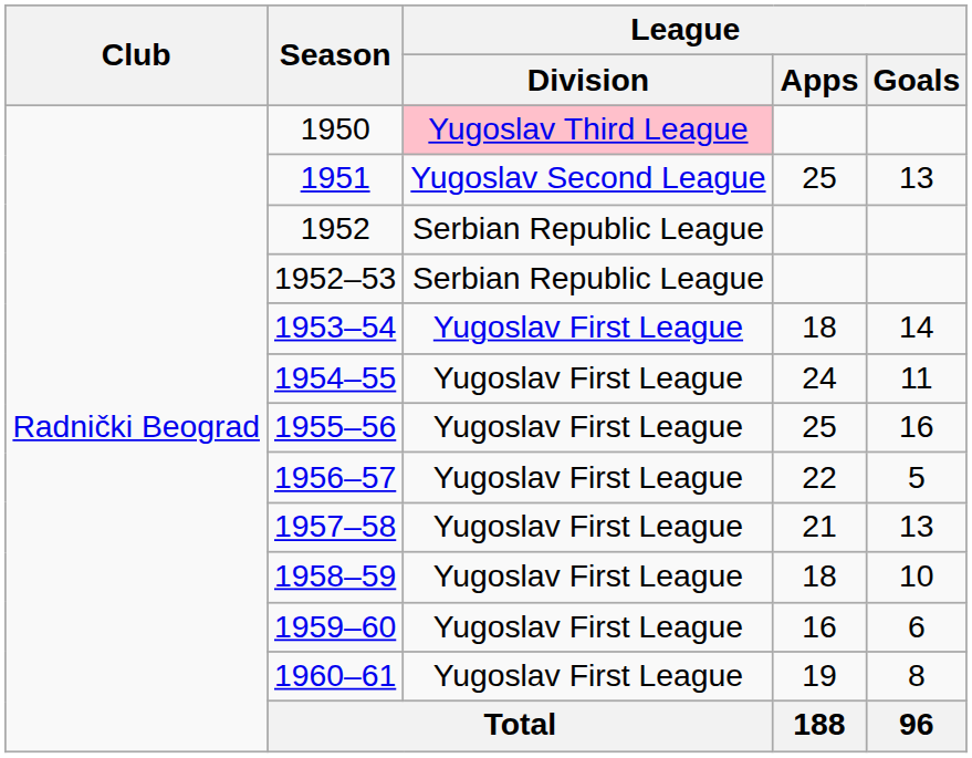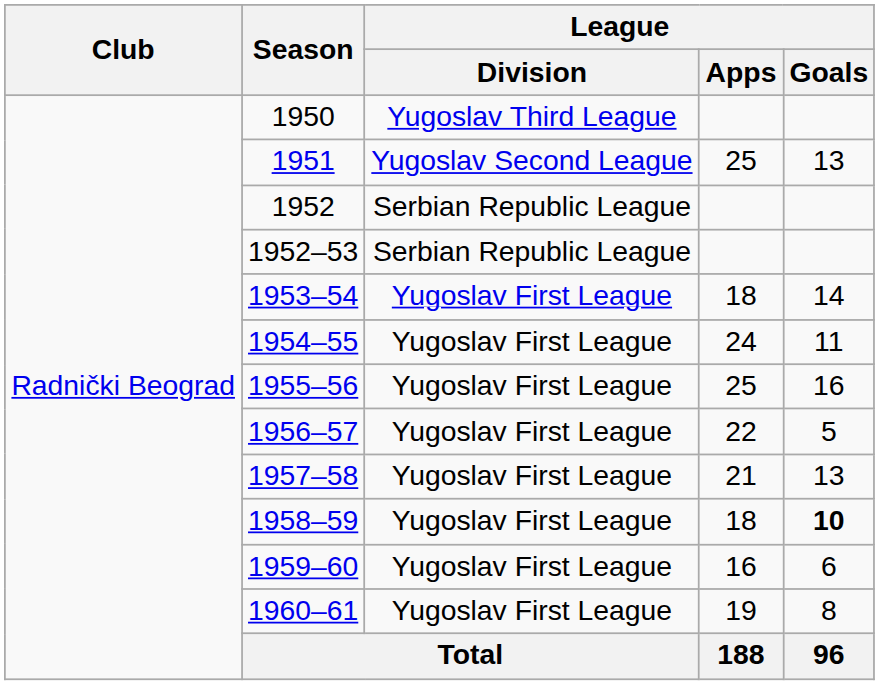 <table class="wikitable" style="text-align:center">
 <tr>
 <th rowspan="2">Club</th>
 <th rowspan="2">Season</th>
 <th colspan="3">League</th>
 </tr>
 <tr>
 <th>Division</th>
 <th>Apps</th>
 <th>Goals</th>
 </tr>
 <tr>
 <td rowspan="13"><a href='#'>Radnički Beograd</a></td>
 <td>1950</td>
-<td style="background: pink;"><a href='#'>Yugoslav Third League</a></td>
+<td><a href='#'>Yugoslav Third League</a></td>
 <td></td>
 <td></td>
 </tr>
 <tr>
 <td><a href='#'>1951</a></td>
 <td><a href='#'>Yugoslav Second League</a></td>
 <td>25</td>
 <td>13</td>
 </tr>
 <tr>
 <td>1952</td>
 <td>Serbian Republic League</td>
 <td></td>
 <td></td>
 </tr>
 <tr>
 <td>1952–53</td>
 <td>Serbian Republic League</td>
 <td></td>
 <td></td>
 </tr>
 <tr>
 <td><a href='#'>1953–54</a></td>
 <td><a href='#'>Yugoslav First League</a></td>
 <td>18</td>
 <td>14</td>
 </tr>
 <tr>
 <td><a href='#'>1954–55</a></td>
 <td>Yugoslav First League</td>
 <td>24</td>
 <td>11</td>
 </tr>
 <tr>
 <td><a href='#'>1955–56</a></td>
 <td>Yugoslav First League</td>
 <td>25</td>
 <td>16</td>
 </tr>
 <tr>
 <td><a href='#'>1956–57</a></td>
 <td>Yugoslav First League</td>
 <td>22</td>
 <td>5</td>
 </tr>
 <tr>
 <td><a href='#'>1957–58</a></td>
 <td>Yugoslav First League</td>
 <td>21</td>
 <td>13</td>
 </tr>
 <tr>
 <td><a href='#'>1958–59</a></td>
 <td>Yugoslav First League</td>
 <td>18</td>
-<td>10</td>
+<td><strong>10</strong></td>
 </tr>
 <tr>
 <td><a href='#'>1959–60</a></td>
 <td>Yugoslav First League</td>
 <td>16</td>
 <td>6</td>
 </tr>
 <tr>
 <td><a href='#'>1960–61</a></td>
 <td>Yugoslav First League</td>
 <td>19</td>
 <td>8</td>
 </tr>
 <tr>
 <th colspan="2">Total</th>
 <th>188</th>
 <th>96</th>
 </tr>
 </table>
